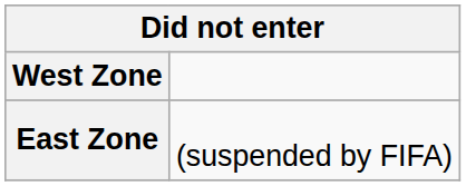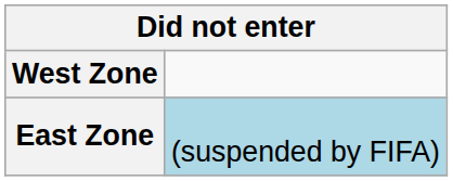 <table class="wikitable collapsible collapsed">
 <tr>
 <th colspan=2>Did not enter</th>
 </tr>
 <tr>
 <th>West Zone</th>
 <td><br></td>
 </tr>
 <tr>
 <th>East Zone</th>
-<td><br> (suspended by FIFA)</td>
+<td style="background: lightblue;"><br> (suspended by FIFA)</td>
 </tr>
 </table>
